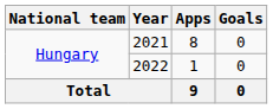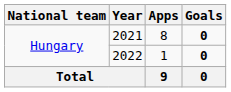 <table class=wikitable style=text-align:center>
 <tr>
 <th>National team</th>
 <th>Year</th>
 <th>Apps</th>
 <th>Goals</th>
 </tr>
 <tr>
 <td rowspan="2"><a href='#'>Hungary</a></td>
 <td>2021</td>
 <td>8</td>
-<td>0</td>
+<td><strong>0</strong></td>
 </tr>
 <tr>
 <td>2022</td>
 <td>1</td>
-<td>0</td>
+<td><strong>0</strong></td>
 </tr>
 <tr>
 <th colspan="2">Total</th>
 <th>9</th>
 <th>0</th>
 </tr>
 </table>
